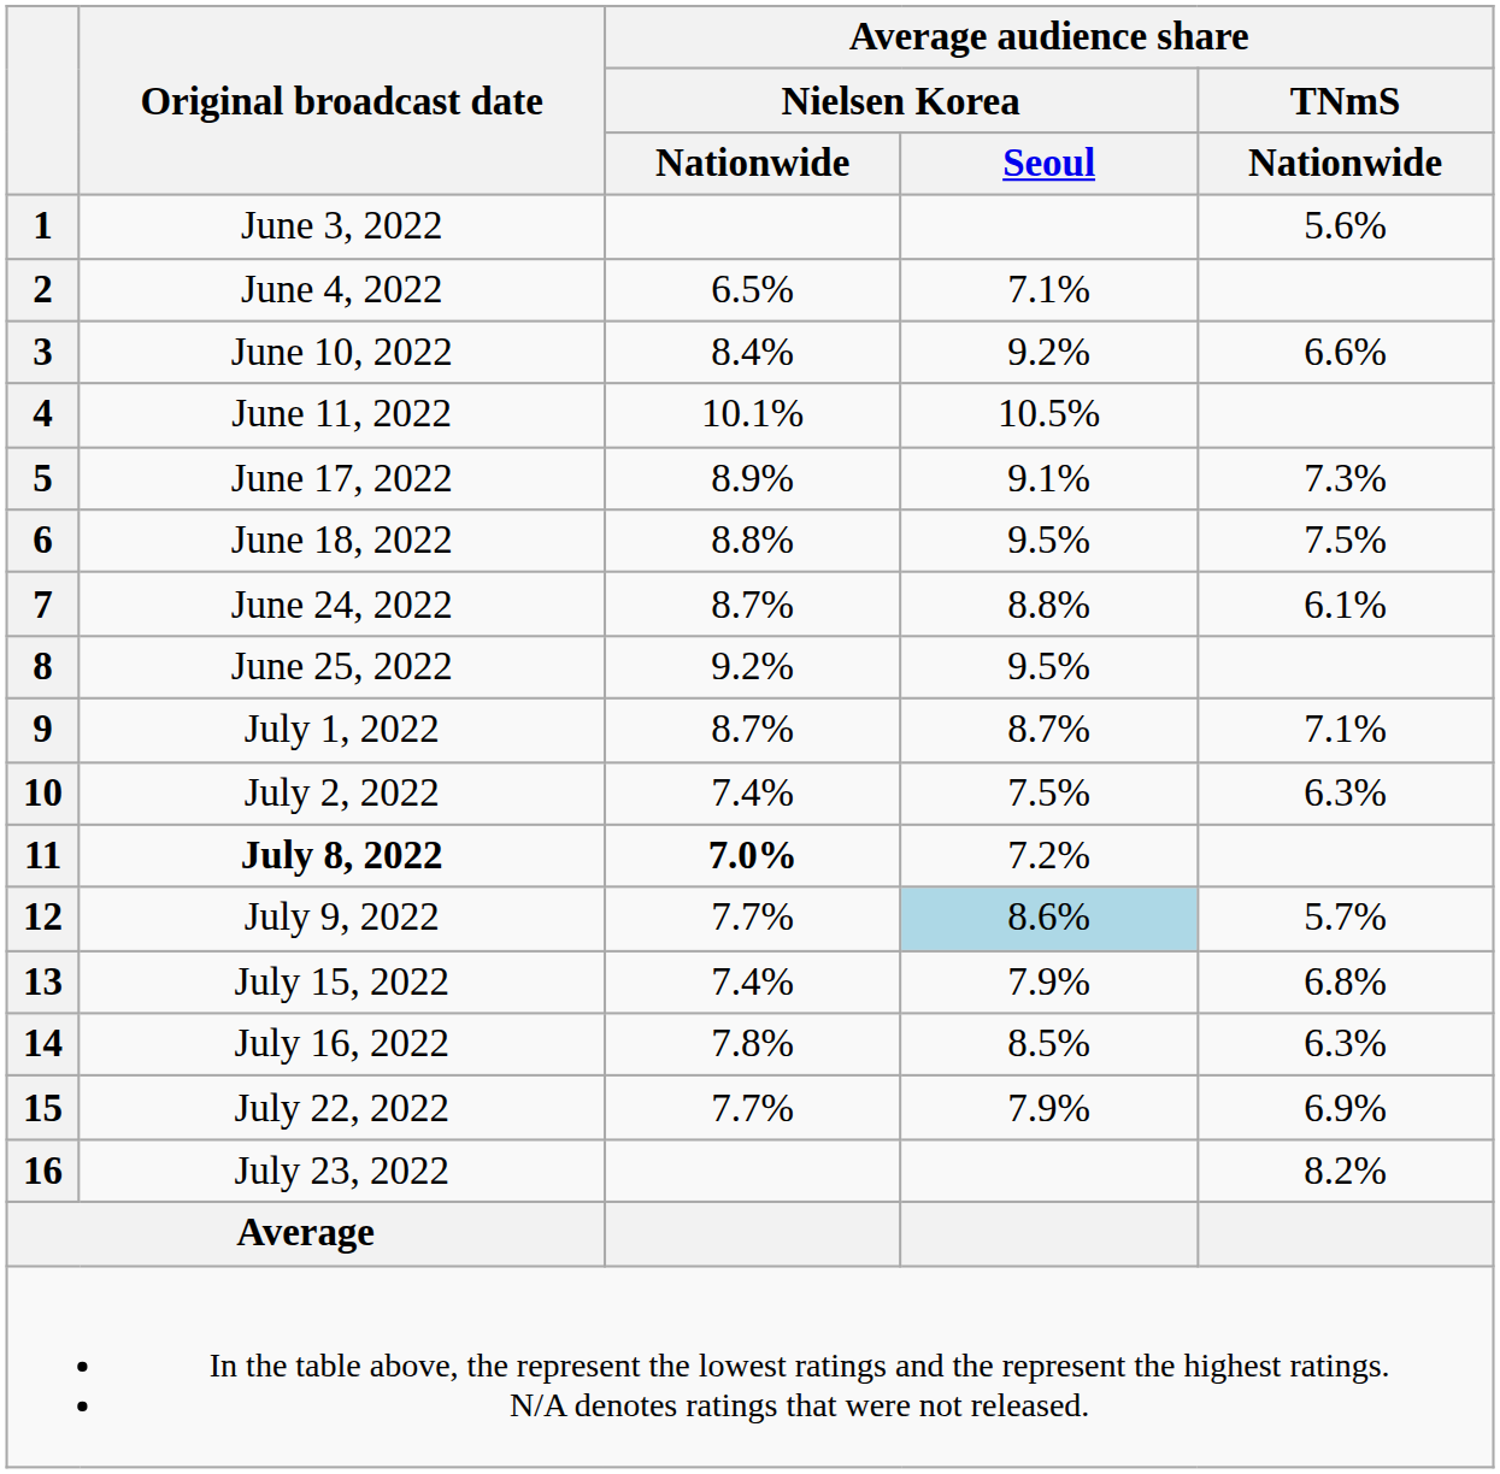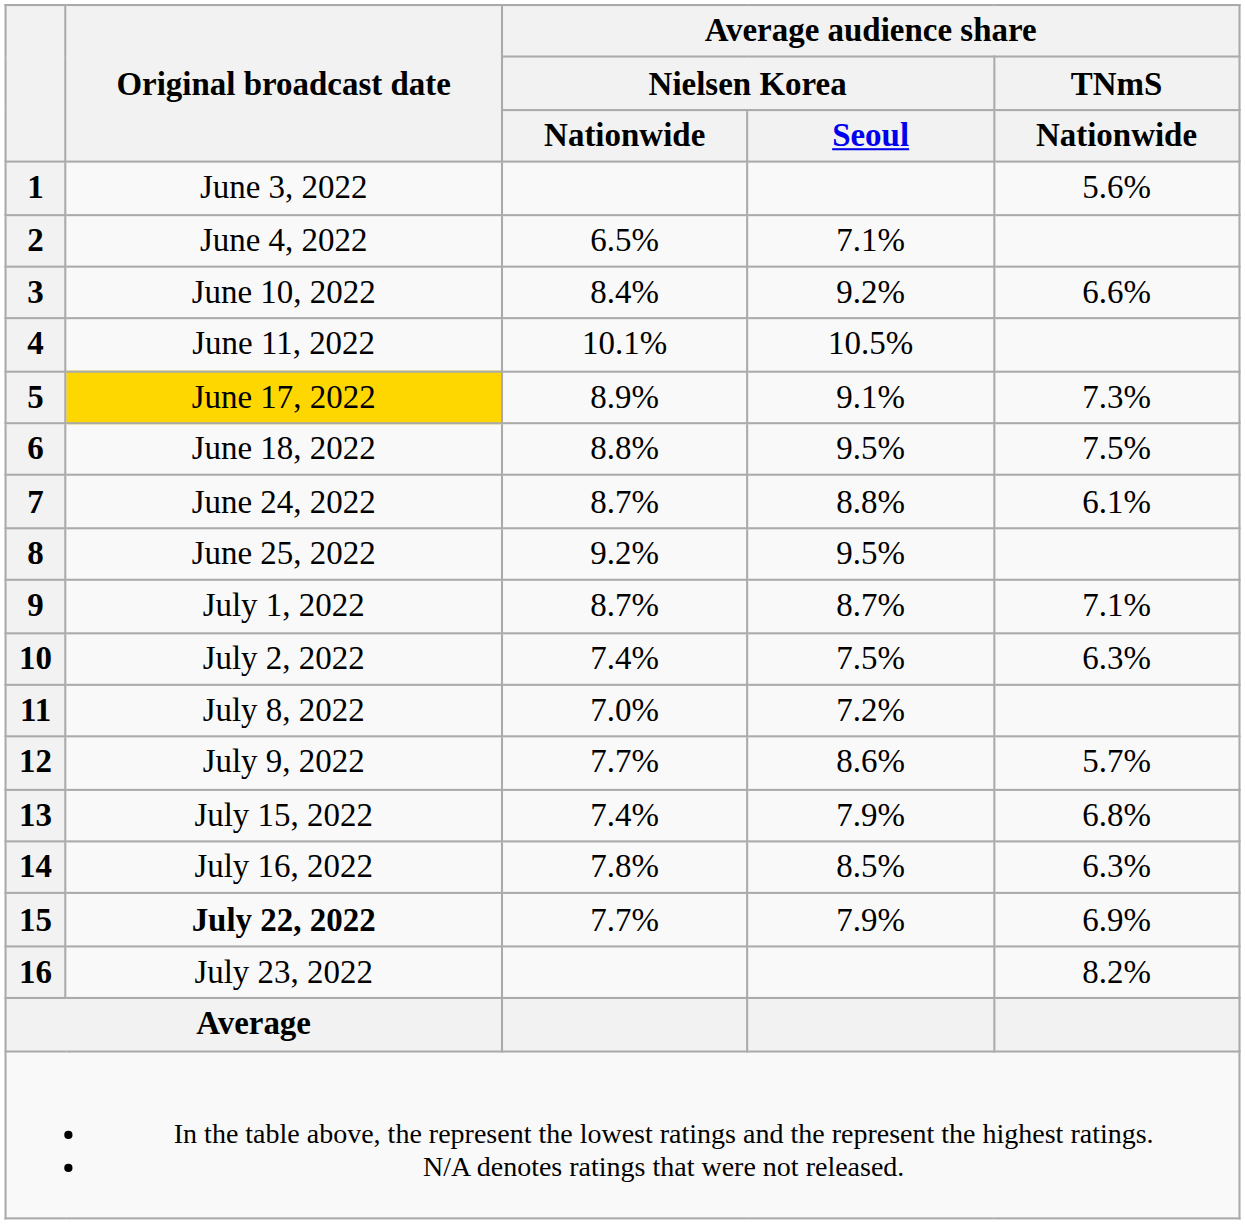 <table class="wikitable" style="margin-left:auto; margin-right:auto; width:600px; text-align:center">
 <tr>
 <th scope="col" rowspan="3"></th>
 <th scope="col" rowspan="3">Original broadcast date</th>
 <th scope="col" colspan="3">Average audience share</th>
 </tr>
 <tr>
 <th scope="col" colspan="2">Nielsen Korea</th>
 <th scope="col">TNmS</th>
 </tr>
 <tr>
 <th scope="col" style="width:7em">Nationwide</th>
 <th scope="col" style="width:7em"><a href='#'>Seoul</a></th>
 <th scope="col" style="width:7em">Nationwide</th>
 </tr>
 <tr>
 <th scope="col">1</th>
 <td>June 3, 2022</td>
 <td><strong></strong> </td>
 <td><strong></strong> </td>
 <td>5.6% </td>
 </tr>
 <tr>
 <th scope="col">2</th>
 <td>June 4, 2022</td>
 <td>6.5% </td>
 <td>7.1% </td>
 <td><strong></strong> </td>
 </tr>
 <tr>
 <th scope="col">3</th>
 <td>June 10, 2022</td>
 <td>8.4% </td>
 <td>9.2% </td>
 <td>6.6%</td>
 </tr>
 <tr>
 <th scope="col">4</th>
 <td>June 11, 2022</td>
 <td>10.1% </td>
 <td>10.5% </td>
 <td><strong></strong>  </td>
 </tr>
 <tr>
 <th scope="col">5</th>
-<td>June 17, 2022</td>
+<td style="background: gold;">June 17, 2022</td>
 <td>8.9% </td>
 <td>9.1% </td>
 <td>7.3% </td>
 </tr>
 <tr>
 <th scope="col">6</th>
 <td>June 18, 2022</td>
 <td>8.8% </td>
 <td>9.5% </td>
 <td>7.5% </td>
 </tr>
 <tr>
 <th scope="col">7</th>
 <td>June 24, 2022</td>
 <td>8.7% </td>
 <td>8.8% </td>
 <td>6.1% </td>
 </tr>
 <tr>
 <th scope="col">8</th>
 <td>June 25, 2022</td>
 <td>9.2% </td>
 <td>9.5% </td>
 <td></td>
 </tr>
 <tr>
 <th scope="col">9</th>
 <td>July 1, 2022</td>
 <td>8.7% </td>
 <td>8.7% </td>
 <td>7.1% </td>
 </tr>
 <tr>
 <th scope="col">10</th>
 <td>July 2, 2022</td>
 <td>7.4% </td>
 <td>7.5% </td>
 <td>6.3% </td>
 </tr>
 <tr>
 <th scope="col">11</th>
-<td><strong>July 8, 2022</strong></td>
-<td><strong>7.0% </strong></td>
+<td>July 8, 2022</td>
+<td>7.0% </td>
 <td>7.2% </td>
 <td></td>
 </tr>
 <tr>
 <th scope="col">12</th>
 <td>July 9, 2022</td>
 <td>7.7% </td>
-<td style="background: lightblue;">8.6% </td>
+<td>8.6% </td>
 <td>5.7%  </td>
 </tr>
 <tr>
 <th scope="col">13</th>
 <td>July 15, 2022</td>
 <td>7.4% </td>
 <td>7.9% </td>
 <td>6.8% </td>
 </tr>
 <tr>
 <th scope="col">14</th>
 <td>July 16, 2022</td>
 <td>7.8% </td>
 <td>8.5% </td>
 <td>6.3% </td>
 </tr>
 <tr>
 <th scope="col">15</th>
-<td>July 22, 2022</td>
+<td><strong>July 22, 2022</strong></td>
 <td>7.7% </td>
 <td>7.9% </td>
 <td>6.9% </td>
 </tr>
 <tr>
 <th scope="col">16</th>
 <td>July 23, 2022</td>
 <td><strong></strong> </td>
 <td><strong></strong> </td>
 <td>8.2% </td>
 </tr>
 <tr>
 <th scope="col" colspan="2">Average</th>
 <th scope="col"></th>
 <th scope="col"></th>
 <th scope="col"></th>
 </tr>
 <tr>
 <td colspan="5" style="font-size:85%"><br><ul><li>In the table above, the <strong></strong> represent the lowest ratings and the <strong></strong> represent the highest ratings.</li><li>N/A denotes ratings that were not released.</li></ul></td>
 </tr>
 </table>
